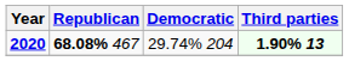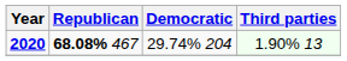 <table class="wikitable" style="float:right; font-size:95%;">
 <tr bgcolor=lightgrey>
 <th>Year</th>
 <th><a href='#'>Republican</a></th>
 <th><a href='#'>Democratic</a></th>
 <th><a href='#'>Third parties</a></th>
 </tr>
 <tr>
 <td style="text-align:center;" ><strong><a href='#'>2020</a></strong></td>
 <td style="text-align:center;" ><strong>68.08%</strong> <em>467</em></td>
 <td style="text-align:center;" >29.74% <em>204</em></td>
-<td style="text-align:center; background:honeyDew;"><strong>1.90% <em>13</em></strong></td>
+<td style="text-align:center; background:honeyDew;">1.90% <em>13</em></td>
 </tr>
 <tr>
 </tr>
 </table>
